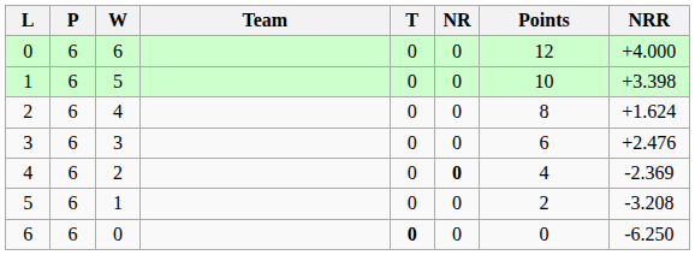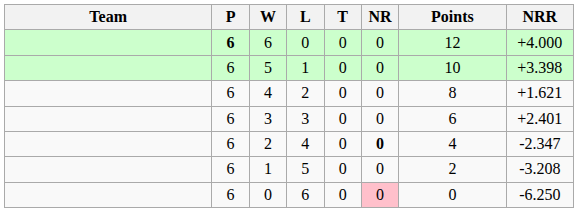 <table class="wikitable" style="text-align:center;">
 <tr>
-<th width=30 abbr="Lost">L</th>
+<th width=200>Team</th>
 <th width=30 abbr="Played">P</th>
 <th width=30 abbr="Won">W</th>
-<th width=200>Team</th>
+<th width=30 abbr="Lost">L</th>
 <th width=30 abbr="Tied">T</th>
 <th width=30 abbr="No result">NR</th>
 <th width=100 abbr="Points">Points</th>
 <th width=60 abbr="Net run rate">NRR</th>
 </tr>
 <tr bgcolor=ccffcc>
+<td align="left"></td>
+<td><strong>6</strong></td>
+<td>6</td>
 <td>0</td>
-<td>6</td>
-<td>6</td>
-<td align="left"></td>
 <td>0</td>
 <td>0</td>
 <td>12</td>
 <td>+4.000</td>
 </tr>
 <tr bgcolor=ccffcc>
-<td>1</td>
+<td align="left"></td>
 <td>6</td>
 <td>5</td>
-<td align="left"></td>
+<td>1</td>
 <td>0</td>
 <td>0</td>
 <td>10</td>
 <td>+3.398</td>
 </tr>
 <tr>
-<td>2</td>
+<td align="left"></td>
 <td>6</td>
 <td>4</td>
-<td align="left"></td>
+<td>2</td>
 <td>0</td>
 <td>0</td>
 <td>8</td>
-<td>+1.624</td>
+<td>+1.621</td>
 </tr>
 <tr>
-<td>3</td>
+<td align="left"></td>
 <td>6</td>
 <td>3</td>
-<td align="left"></td>
+<td>3</td>
 <td>0</td>
 <td>0</td>
 <td>6</td>
-<td>+2.476</td>
+<td>+2.401</td>
 </tr>
 <tr>
-<td>4</td>
+<td align="left"></td>
 <td>6</td>
 <td>2</td>
-<td align="left"></td>
+<td>4</td>
 <td>0</td>
 <td><strong>0</strong></td>
 <td>4</td>
-<td>-2.369</td>
+<td>-2.347</td>
 </tr>
 <tr>
-<td>5</td>
+<td align="left"></td>
 <td>6</td>
 <td>1</td>
-<td align="left"></td>
+<td>5</td>
 <td>0</td>
 <td>0</td>
 <td>2</td>
 <td>-3.208</td>
 </tr>
 <tr>
-<td>6</td>
+<td align="left"></td>
 <td>6</td>
 <td>0</td>
-<td align="left"></td>
-<td><strong>0</strong></td>
+<td>6</td>
 <td>0</td>
+<td style="background: pink;">0</td>
 <td>0</td>
 <td>-6.250</td>
 </tr>
 </table>
